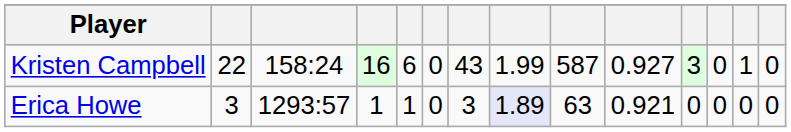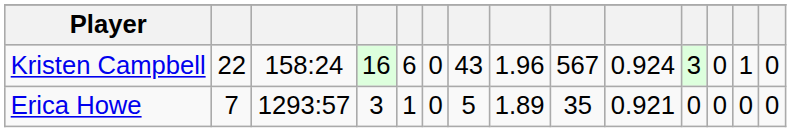 <table class="wikitable sortable" style="text-align:center">
 <tr>
 </tr>
 <tr>
 <th>Player</th>
 <th></th>
 <th></th>
 <th></th>
 <th></th>
 <th></th>
 <th></th>
 <th></th>
 <th></th>
 <th></th>
 <th></th>
 <th></th>
 <th></th>
 <th></th>
 </tr>
 <tr>
 <td style="text-align:left;"><a href='#'>Kristen Campbell</a></td>
 <td>22</td>
 <td>158:24</td>
 <td style="background:#DDFFDD;">16</td>
 <td>6</td>
 <td>0</td>
 <td>43</td>
-<td>1.99</td>
-<td>587</td>
-<td>0.927</td>
+<td>1.96</td>
+<td>567</td>
+<td>0.924</td>
 <td style="background:#DDFFDD;">3</td>
 <td>0</td>
 <td>1</td>
 <td>0</td>
 </tr>
 <tr>
 <td style="text-align:left;"><a href='#'>Erica Howe</a></td>
+<td>7</td>
+<td>1293:57</td>
 <td>3</td>
-<td>1293:57</td>
-<td>1</td>
 <td>1</td>
 <td>0</td>
-<td>3</td>
-<td style="background: lavender;">1.89</td>
-<td>63</td>
+<td>5</td>
+<td>1.89</td>
+<td>35</td>
 <td>0.921</td>
 <td>0</td>
 <td>0</td>
 <td>0</td>
 <td>0</td>
 </tr>
 </table>
